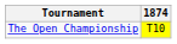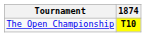 <table class="wikitable" style="font-size:95%;text-align:center;">
 <tr>
 <th>Tournament</th>
 <th>1874</th>
 </tr>
 <tr>
 <td><a href='#'>The Open Championship</a></td>
-<td style="background:yellow;">T10</td>
+<td style="background:yellow;"><strong>T10</strong></td>
 </tr>
 </table>
